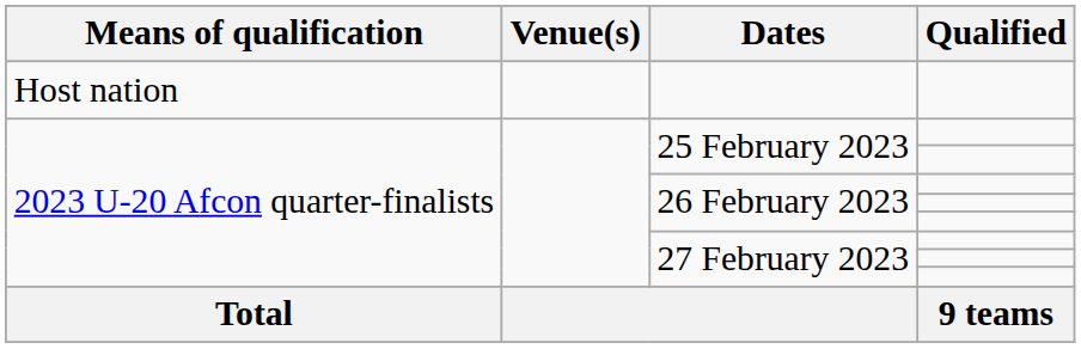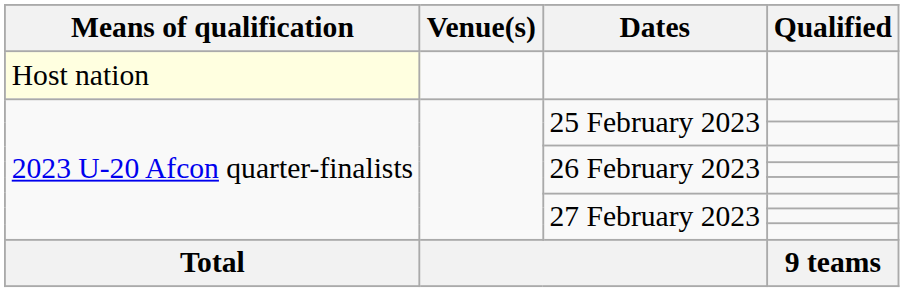 <table class="wikitable">
 <tr>
 <th>Means of qualification</th>
 <th>Venue(s)</th>
 <th>Dates</th>
 <th>Qualified</th>
 </tr>
 <tr>
-<td>Host nation</td>
+<td style="background: lightyellow;">Host nation</td>
 <td></td>
 <td></td>
 <td></td>
 </tr>
 <tr>
 <td rowspan=8><a href='#'>2023 U-20 Afcon</a> quarter-finalists</td>
 <td rowspan=8></td>
 <td rowspan=2>25 February 2023</td>
 <td></td>
 </tr>
 <tr>
 <td></td>
 </tr>
 <tr>
 <td rowspan=3>26 February 2023</td>
 <td></td>
 </tr>
 <tr>
 <td></td>
 </tr>
 <tr>
 <td></td>
 </tr>
 <tr>
 <td rowspan=3>27 February 2023</td>
 <td></td>
 </tr>
 <tr>
 <td></td>
 </tr>
 <tr>
 <td><s></s></td>
 </tr>
 <tr>
 <th>Total</th>
 <th colspan=2></th>
 <th>9 teams</th>
 </tr>
 </table>
